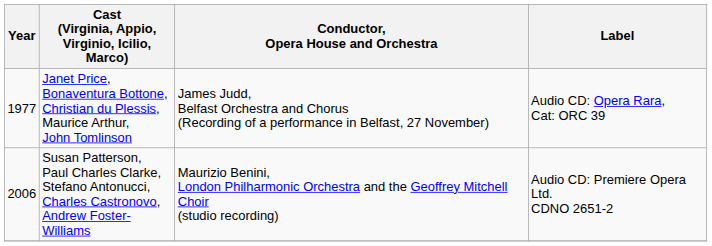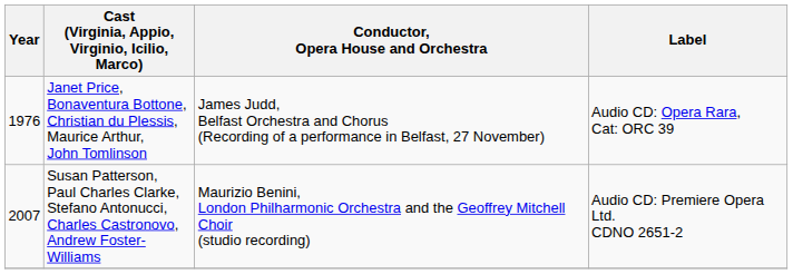 <table class="wikitable">
 <tr>
 <th>Year</th>
 <th width="160">Cast<br>(Virginia, Appio,<br>Virginio, Icilio, Marco)</th>
 <th>Conductor,<br>Opera House and Orchestra</th>
 <th>Label</th>
 </tr>
 <tr>
-<td>1977</td>
+<td>1976</td>
 <td><a href='#'>Janet Price</a>,<br><a href='#'>Bonaventura Bottone</a>,<br><a href='#'>Christian du Plessis</a>,<br>Maurice Arthur,<br><a href='#'>John Tomlinson</a></td>
 <td>James Judd,<br>Belfast Orchestra and Chorus<br>(Recording of a performance in Belfast, 27 November)</td>
 <td>Audio CD: <a href='#'>Opera Rara</a>, <br>Cat: ORC 39<br></td>
 </tr>
 <tr>
-<td>2006</td>
+<td>2007</td>
 <td>Susan Patterson,<br>Paul Charles Clarke,<br>Stefano Antonucci,<br><a href='#'>Charles Castronovo</a>,<br><a href='#'>Andrew Foster-Williams</a></td>
 <td>Maurizio Benini,<br><a href='#'>London Philharmonic Orchestra</a> and the <a href='#'>Geoffrey Mitchell Choir</a><br>(studio recording)</td>
 <td>Audio CD: Premiere Opera Ltd.<br>CDNO 2651-2</td>
 </tr>
 <tr>
 </tr>
 </table>
